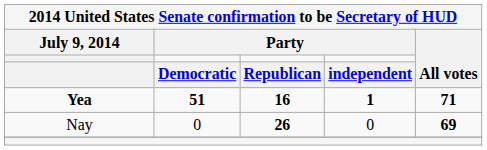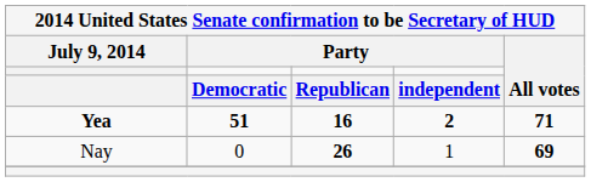 <table class="wikitable" style="text-align:center">
 <tr>
 <th colspan="5" style="background:#f5f5f5">2014 United States <a href='#'>Senate confirmation</a> to be <a href='#'>Secretary of HUD</a></th>
 </tr>
 <tr style="vertical-align:bottom;">
 <th style="width: 9em;">July 9, 2014</th>
 <th colspan="3">Party</th>
 <th rowspan="3">All votes</th>
 </tr>
 <tr style="height:5px">
 <th></th>
 <td style="background-color:"></td>
 <td style="background-color:"></td>
 <td style="background-color:"></td>
 </tr>
 <tr style="vertical-align:bottom;">
 <th></th>
 <th><a href='#'>Democratic</a></th>
 <th><a href='#'>Republican</a></th>
 <th><a href='#'>independent</a></th>
 </tr>
 <tr>
 <td><strong>Yea</strong></td>
 <td><strong>51</strong></td>
 <td><strong>16</strong></td>
-<td><strong>1</strong></td>
+<td><strong>2</strong></td>
 <td><strong>71</strong></td>
 </tr>
 <tr>
 <td>Nay</td>
 <td>0</td>
 <td><strong>26</strong></td>
-<td>0</td>
+<td>1</td>
 <td><strong>69</strong></td>
 </tr>
 <tr>
 </tr>
 <tr>
 <td colspan="5" style="background:#f5f5f5"></td>
 </tr>
 </table>
